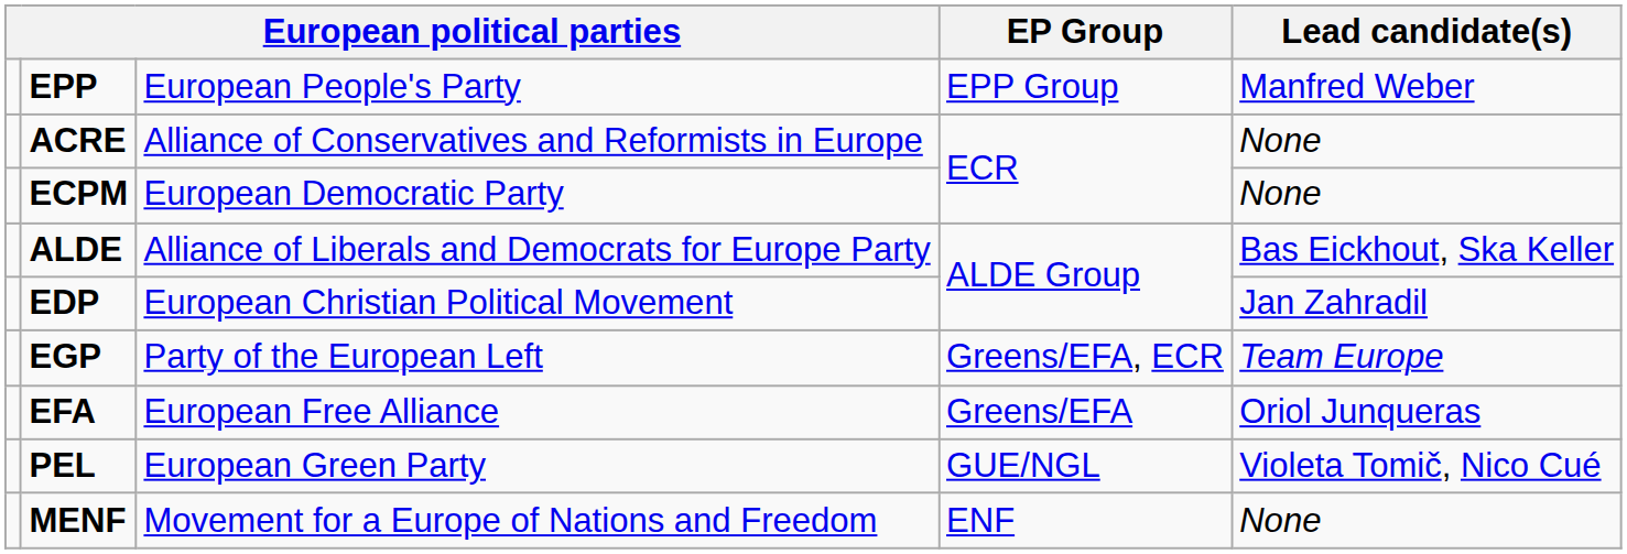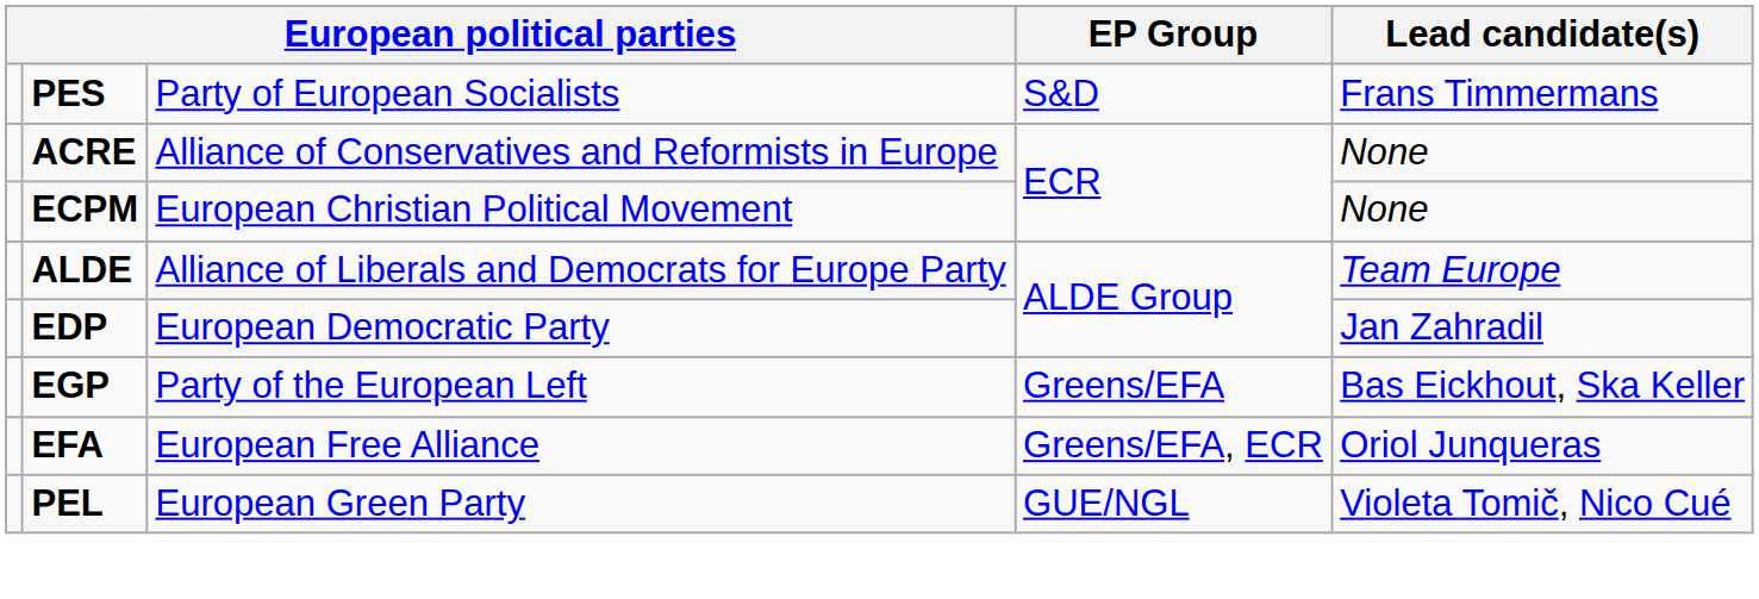 <table class="wikitable">
 <tr>
 <th colspan="3"><a href='#'>European political parties</a></th>
 <th>EP Group</th>
 <th>Lead candidate(s)</th>
 </tr>
 <tr>
 <td style="background:"></td>
-<td><strong>EPP</strong></td>
-<td><a href='#'>European People's Party</a></td>
-<td><a href='#'>EPP Group</a></td>
-<td><a href='#'>Manfred Weber</a></td>
+<td><strong>PES</strong></td>
+<td><a href='#'>Party of European Socialists</a></td>
+<td><a href='#'>S&D</a></td>
+<td><a href='#'>Frans Timmermans </a></td>
 </tr>
 <tr>
 <td style="background:"></td>
 <td><strong>ACRE</strong></td>
 <td><a href='#'>Alliance of Conservatives and Reformists in Europe</a></td>
 <td rowspan="2"><a href='#'>ECR</a></td>
 <td><em>None</em></td>
 </tr>
 <tr>
 <td style="background:"></td>
 <td><strong>ECPM</strong></td>
-<td><a href='#'>European Democratic Party</a></td>
+<td><a href='#'>European Christian Political Movement</a></td>
 <td><em>None</em></td>
 </tr>
 <tr>
 <td style="background:"></td>
 <td><strong>ALDE</strong></td>
 <td><a href='#'>Alliance of Liberals and Democrats for Europe Party</a></td>
 <td rowspan="2"><a href='#'>ALDE Group</a></td>
-<td><a href='#'>Bas Eickhout</a>, <a href='#'>Ska Keller</a></td>
+<td><em><a href='#'>Team Europe</a></em></td>
 </tr>
 <tr>
 <td style="background:"></td>
 <td><strong>EDP</strong></td>
-<td><a href='#'>European Christian Political Movement</a></td>
+<td><a href='#'>European Democratic Party</a></td>
 <td><a href='#'>Jan Zahradil</a></td>
 </tr>
 <tr>
 <td style="background:"></td>
 <td><strong>EGP</strong></td>
 <td><a href='#'>Party of the European Left</a></td>
-<td><a href='#'>Greens/EFA</a>, <a href='#'>ECR</a></td>
-<td><em><a href='#'>Team Europe</a></em></td>
+<td><a href='#'>Greens/EFA</a></td>
+<td><a href='#'>Bas Eickhout</a>, <a href='#'>Ska Keller</a></td>
 </tr>
 <tr>
 <td style="background:"></td>
 <td><strong>EFA</strong></td>
 <td><a href='#'>European Free Alliance</a></td>
-<td><a href='#'>Greens/EFA</a></td>
+<td><a href='#'>Greens/EFA</a>, <a href='#'>ECR</a></td>
 <td><a href='#'>Oriol Junqueras</a></td>
 </tr>
 <tr>
 <td style="background:"></td>
 <td><strong>PEL</strong></td>
 <td><a href='#'>European Green Party</a></td>
 <td><a href='#'>GUE/NGL</a></td>
 <td><a href='#'>Violeta Tomič</a>, <a href='#'>Nico Cué</a></td>
 </tr>
-<tr>
-<td style="background:"></td>
-<td><strong>MENF</strong></td>
-<td><a href='#'>Movement for a Europe of Nations and Freedom</a></td>
-<td><a href='#'>ENF</a></td>
-<td><em>None</em></td>
-</tr>
 </table>
